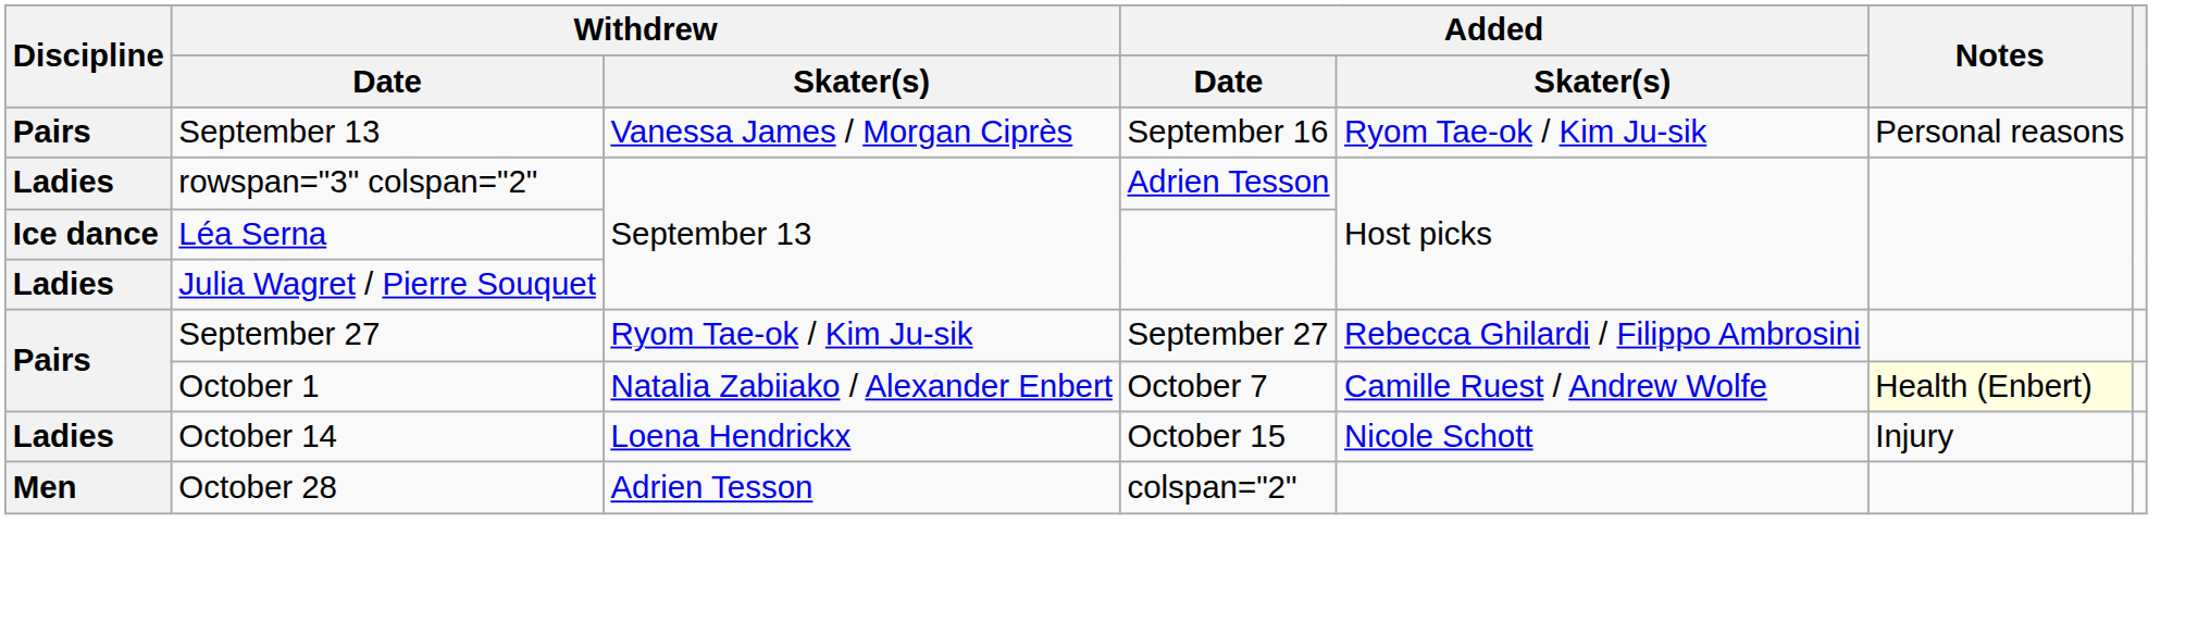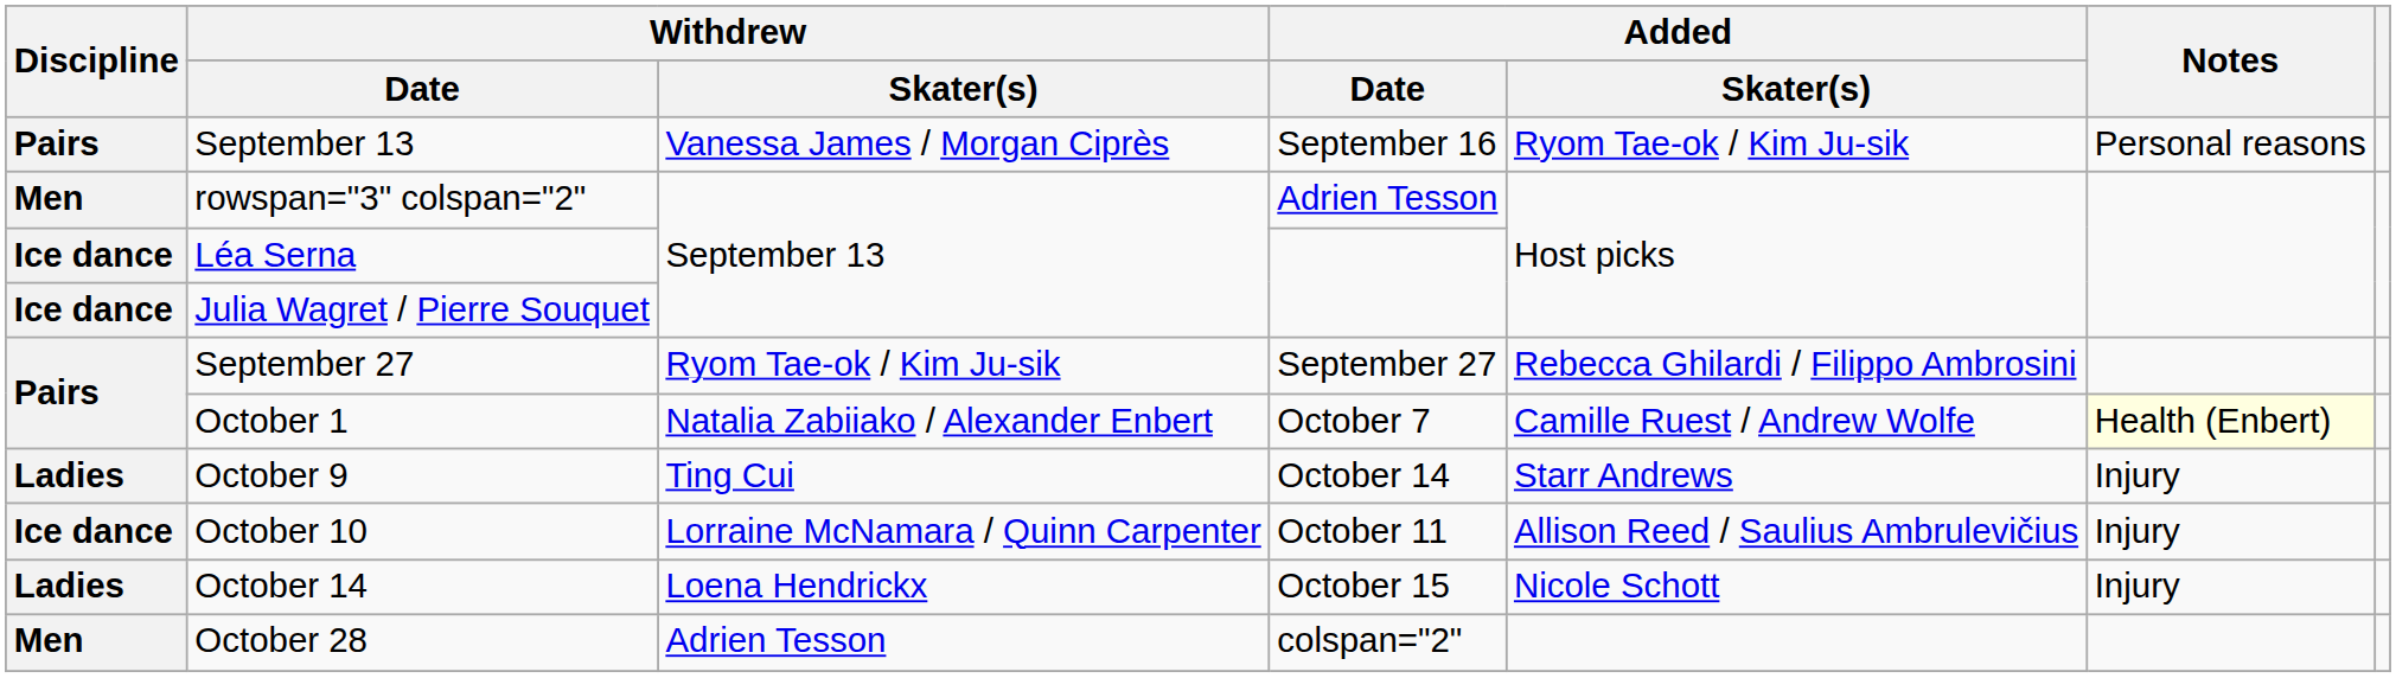 <table class="wikitable unsortable">
 <tr>
 <th scope="col" rowspan=2>Discipline</th>
 <th scope="col" colspan=2>Withdrew</th>
 <th scope="col" colspan=2>Added</th>
 <th scope="col" rowspan=2>Notes</th>
 <th scope="col" rowspan=2></th>
 </tr>
 <tr>
 <th>Date</th>
 <th>Skater(s)</th>
 <th>Date</th>
 <th>Skater(s)</th>
 </tr>
 <tr>
 <th scope="row" style="text-align:left">Pairs</th>
 <td>September 13</td>
 <td> <a href='#'>Vanessa James</a> / <a href='#'>Morgan Ciprès</a></td>
 <td>September 16</td>
 <td> <a href='#'>Ryom Tae-ok</a> / <a href='#'>Kim Ju-sik</a></td>
 <td>Personal reasons</td>
 <td></td>
 </tr>
 <tr>
-<th scope="row" style="text-align:left">Ladies</th>
+<th scope="row" style="text-align:left">Men</th>
 <td>rowspan="3" colspan="2" </td>
 <td rowspan="3">September 13</td>
 <td> <a href='#'>Adrien Tesson</a></td>
 <td rowspan=3>Host picks</td>
 <td rowspan=3></td>
 </tr>
 <tr>
 <th scope="row" style="text-align:left">Ice dance</th>
 <td> <a href='#'>Léa Serna</a></td>
 </tr>
 <tr>
-<th scope="row" style="text-align:left">Ladies</th>
+<th scope="row" style="text-align:left">Ice dance</th>
 <td> <a href='#'>Julia Wagret</a> / <a href='#'>Pierre Souquet</a></td>
 </tr>
 <tr>
 <th scope="row" style="text-align:left" rowspan="2">Pairs</th>
 <td>September 27</td>
 <td> <a href='#'>Ryom Tae-ok</a> / <a href='#'>Kim Ju-sik</a></td>
 <td>September 27</td>
 <td> <a href='#'>Rebecca Ghilardi</a> / <a href='#'>Filippo Ambrosini</a></td>
 <td></td>
 <td></td>
 </tr>
 <tr>
 <td>October 1</td>
 <td> <a href='#'>Natalia Zabiiako</a> / <a href='#'>Alexander Enbert</a></td>
 <td>October 7</td>
 <td> <a href='#'>Camille Ruest</a> / <a href='#'>Andrew Wolfe</a></td>
 <td style="background: lightyellow;">Health (Enbert)</td>
 <td></td>
 </tr>
 <tr>
 <th scope="row" style="text-align:left">Ladies</th>
+<td>October 9</td>
+<td> <a href='#'>Ting Cui</a></td>
+<td>October 14</td>
+<td> <a href='#'>Starr Andrews</a></td>
+<td>Injury</td>
+<td></td>
+</tr>
+<tr>
+<th scope="row" style="text-align:left">Ice dance</th>
+<td>October 10</td>
+<td> <a href='#'>Lorraine McNamara</a> / <a href='#'>Quinn Carpenter</a></td>
+<td>October 11</td>
+<td> <a href='#'>Allison Reed</a> / <a href='#'>Saulius Ambrulevičius</a></td>
+<td>Injury</td>
+<td></td>
+</tr>
+<tr>
+<th scope="row" style="text-align:left">Ladies</th>
 <td>October 14</td>
 <td> <a href='#'>Loena Hendrickx</a></td>
 <td>October 15</td>
 <td> <a href='#'>Nicole Schott</a></td>
 <td>Injury</td>
 <td></td>
 </tr>
 <tr>
 <th scope="row" style="text-align:left">Men</th>
 <td>October 28</td>
 <td> <a href='#'>Adrien Tesson</a></td>
 <td>colspan="2" </td>
 <td></td>
 <td></td>
 </tr>
 </table>
